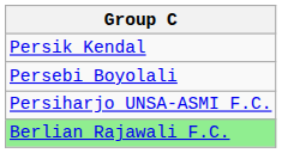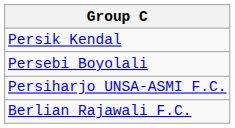 <table class="wikitable">
 <tr>
 <th>Group C</th>
 </tr>
 <tr>
 <td><a href='#'>Persik Kendal</a></td>
 </tr>
 <tr>
 <td><a href='#'>Persebi Boyolali</a></td>
 </tr>
 <tr>
 <td><a href='#'>Persiharjo UNSA-ASMI F.C.</a></td>
 </tr>
 <tr>
-<td style="background: lightgreen;"><a href='#'>Berlian Rajawali F.C.</a></td>
+<td><a href='#'>Berlian Rajawali F.C.</a></td>
 </tr>
 </table>
